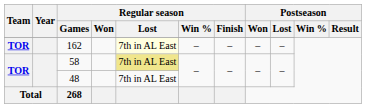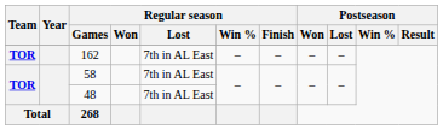 <table class="wikitable" style="font-size: 95%; text-align:center;">
 <tr>
 <th rowspan="2">Team</th>
 <th rowspan="2">Year</th>
 <th colspan="5">Regular season</th>
 <th colspan="4">Postseason</th>
 </tr>
 <tr>
 <th>Games</th>
 <th>Won</th>
 <th>Lost</th>
 <th>Win %</th>
 <th>Finish</th>
 <th>Won</th>
 <th>Lost</th>
 <th>Win %</th>
 <th>Result</th>
 </tr>
 <tr>
 </tr>
 <tr>
 <th><a href='#'>TOR</a></th>
 <th></th>
 <td>162</td>
 <td></td>
-<td style="background: lightyellow;">7th in AL East</td>
+<td>7th in AL East</td>
 <td>–</td>
 <td>–</td>
 <td>–</td>
 <td>–</td>
 </tr>
 <tr>
 <th rowspan="2"><a href='#'>TOR</a></th>
 <th rowspan="2"></th>
 <td>58</td>
 <td></td>
-<td style="background: khaki;">7th in AL East</td>
+<td>7th in AL East</td>
 <td rowspan="2">–</td>
 <td rowspan="2">–</td>
 <td rowspan="2">–</td>
 <td rowspan="2">–</td>
 </tr>
 <tr>
 <td>48</td>
 <td></td>
 <td>7th in AL East</td>
 </tr>
 <tr>
 <th colspan="2">Total</th>
 <th>268</th>
 <th></th>
 <th></th>
 <th></th>
 <th></th>
 </tr>
 </table>
